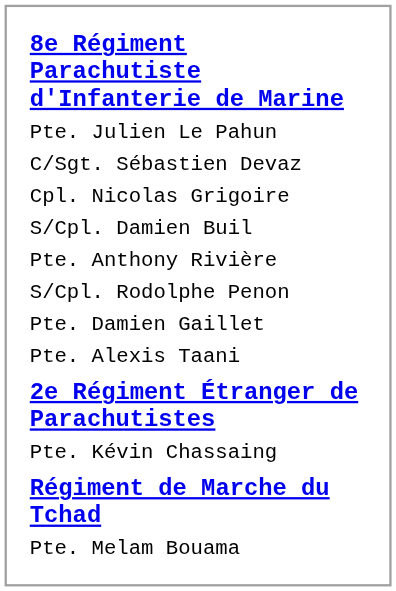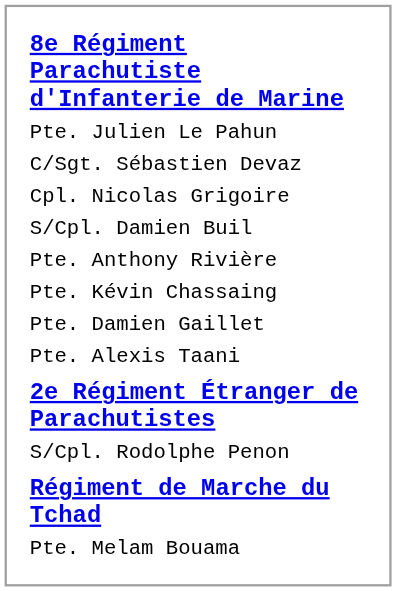 <table style="float:right; margin:1em; width:13em; border:1px solid #a0a0a0; padding:7px; bg-color=yellow; text-align:left;">
 <tr style="text-align:left; font-size:80%;">
 <td><strong><a href='#'>8e Régiment Parachutiste d'Infanterie de Marine</a></strong></td>
 </tr>
 <tr style="text-align:left; font-size:xx-small;">
 <td>Pte. Julien Le Pahun</td>
 </tr>
 <tr style="text-align:left; font-size:xx-small;">
 <td>C/Sgt. Sébastien Devaz</td>
 </tr>
 <tr style="text-align:left; font-size:xx-small;">
 <td>Cpl. Nicolas Grigoire</td>
 </tr>
 <tr style="text-align:left; font-size:xx-small;">
 <td>S/Cpl. Damien Buil</td>
 </tr>
 <tr style="text-align:left; font-size:xx-small;">
 <td>Pte. Anthony Rivière</td>
 </tr>
 <tr style="text-align:left; font-size:xx-small;">
-<td>S/Cpl. Rodolphe Penon</td>
+<td>Pte. Kévin Chassaing</td>
 </tr>
 <tr style="text-align:left; font-size:xx-small;">
 <td>Pte. Damien Gaillet</td>
 </tr>
 <tr style="text-align:left; font-size:xx-small;">
 <td>Pte. Alexis Taani</td>
 </tr>
 <tr style="text-align:left; font-size:80%;">
 <td><strong><a href='#'>2e Régiment Étranger de Parachutistes</a></strong></td>
 </tr>
 <tr style="text-align:left; font-size:xx-small;">
-<td>Pte. Kévin Chassaing</td>
+<td>S/Cpl. Rodolphe Penon</td>
 </tr>
 <tr style="text-align:left; font-size:80%;">
 <td><strong><a href='#'>Régiment de Marche du Tchad</a></strong></td>
 </tr>
 <tr style="text-align:left; font-size:xx-small;">
 <td>Pte. Melam Bouama</td>
 </tr>
 </table>
